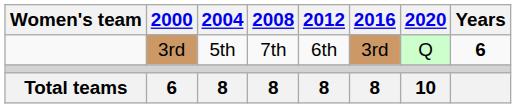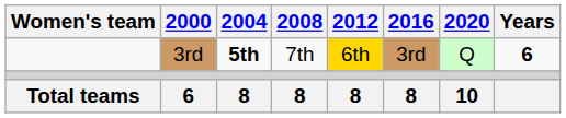 <table class="wikitable" style="text-align: center; font-size: 90%; margin-left: 1em;">
 <tr>
 <th>Women's team</th>
 <th><a href='#'>2000</a></th>
 <th><a href='#'>2004</a></th>
 <th><a href='#'>2008</a></th>
 <th><a href='#'>2012</a></th>
 <th><a href='#'>2016</a></th>
 <th><a href='#'>2020</a></th>
 <th>Years</th>
 </tr>
 <tr>
 <td style="text-align: left;"></td>
 <td style="background-color: #cc9966;">3rd</td>
-<td>5th</td>
+<td><strong>5th</strong></td>
 <td>7th</td>
-<td>6th</td>
+<td style="background: gold;">6th</td>
 <td style="background-color: #cc9966;">3rd</td>
 <td style="background-color: #ccffcc;">Q</td>
 <td><strong>6</strong></td>
 </tr>
 <tr style="background-color: lightgrey;">
 <td colspan="8"></td>
 </tr>
 <tr>
 <th>Total teams</th>
 <th>6</th>
 <th>8</th>
 <th>8</th>
 <th>8</th>
 <th>8</th>
 <th>10</th>
 <th></th>
 </tr>
 </table>
